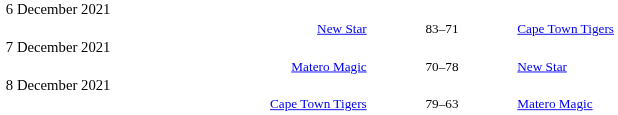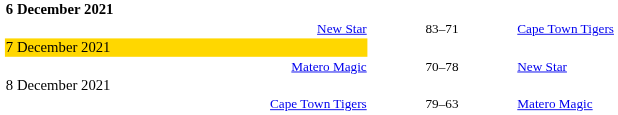 <table style="width:100%;" cellspacing="1">
 <tr>
 <th width=25%></th>
 <th width=2%></th>
 <th width=6%></th>
 <th width=2%></th>
 <th width=25%></th>
 </tr>
 <tr>
-<td>6 December 2021</td>
+<td><strong>6 December 2021</strong></td>
 </tr>
 <tr style=font-size:90%>
 <td align=right><a href='#'>New Star</a> </td>
 <td></td>
 <td align=center>83–71</td>
 <td></td>
 <td> <a href='#'>Cape Town Tigers</a></td>
 <td></td>
 </tr>
 <tr>
-<td>7 December 2021</td>
+<td style="background: gold;">7 December 2021</td>
 </tr>
 <tr style=font-size:90%>
 <td align=right><a href='#'>Matero Magic</a> </td>
 <td></td>
 <td align=center>70–78</td>
 <td></td>
 <td> <a href='#'>New Star</a></td>
 <td></td>
 </tr>
 <tr>
 <td>8 December 2021</td>
 </tr>
 <tr style=font-size:90%>
 <td align=right><a href='#'>Cape Town Tigers</a> </td>
 <td></td>
 <td align=center>79–63</td>
 <td></td>
 <td> <a href='#'>Matero Magic</a></td>
 <td></td>
 </tr>
 <tr>
 </tr>
 <tr>
 </tr>
 </table>
